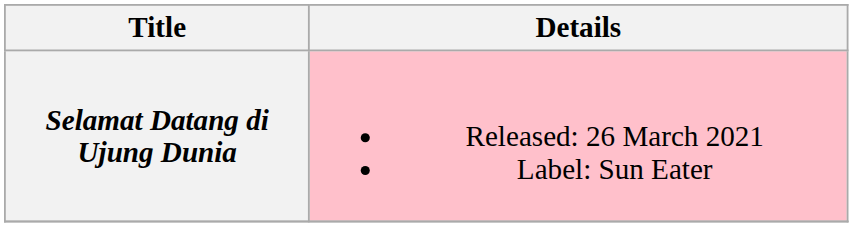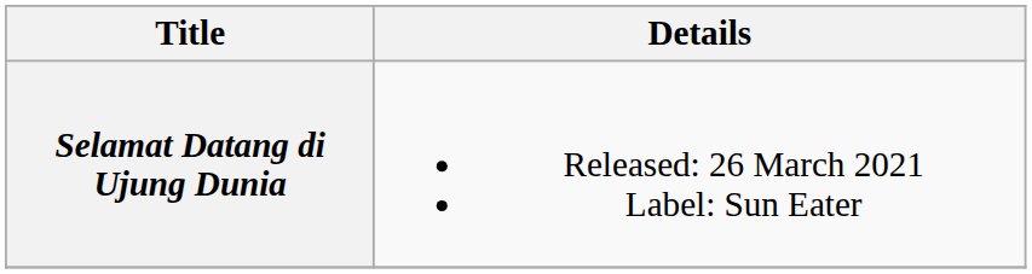 <table class="wikitable plainrowheaders" style="text-align:center;">
 <tr>
 <th scope="col" style="width:10em;">Title</th>
 <th scope="col" style="width:18em;">Details</th>
 </tr>
 <tr>
 <th scope="row"><em>Selamat Datang di Ujung Dunia</em></th>
-<td style="background: pink;"><br><ul><li>Released: 26 March 2021</li><li>Label: Sun Eater</li></ul></td>
+<td><br><ul><li>Released: 26 March 2021</li><li>Label: Sun Eater</li></ul></td>
 </tr>
 <tr>
 </tr>
 </table>
